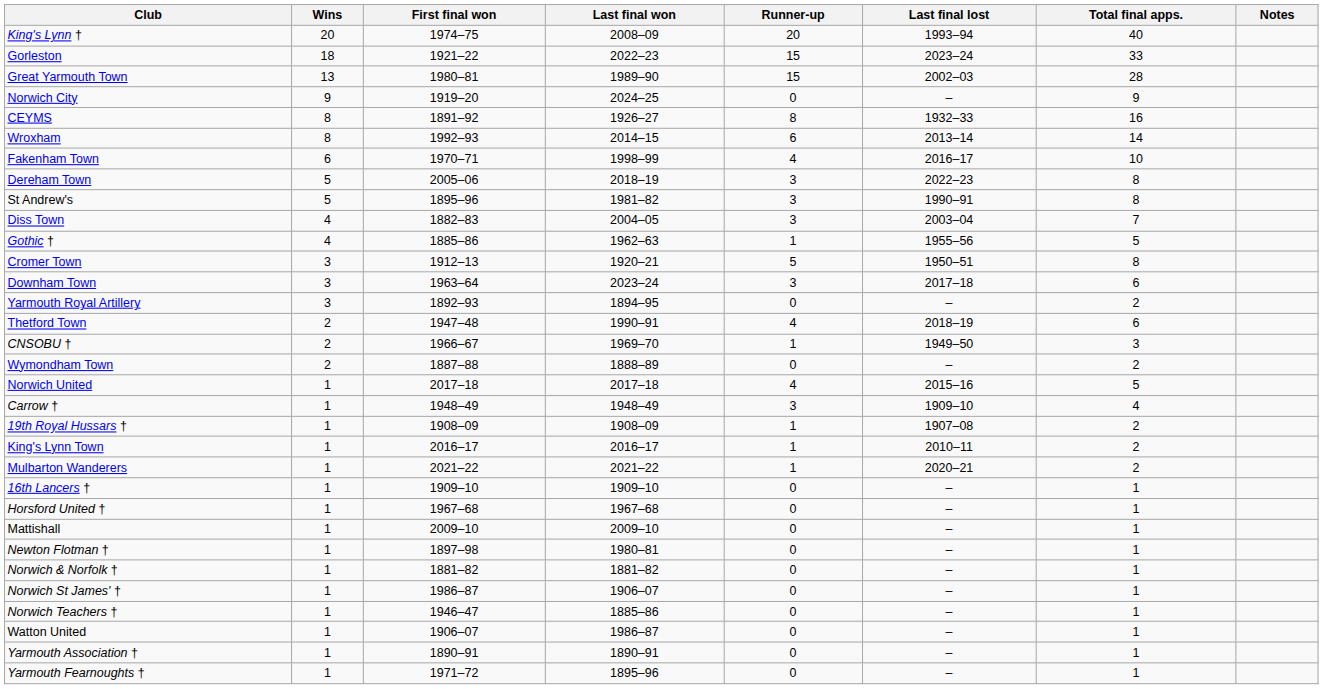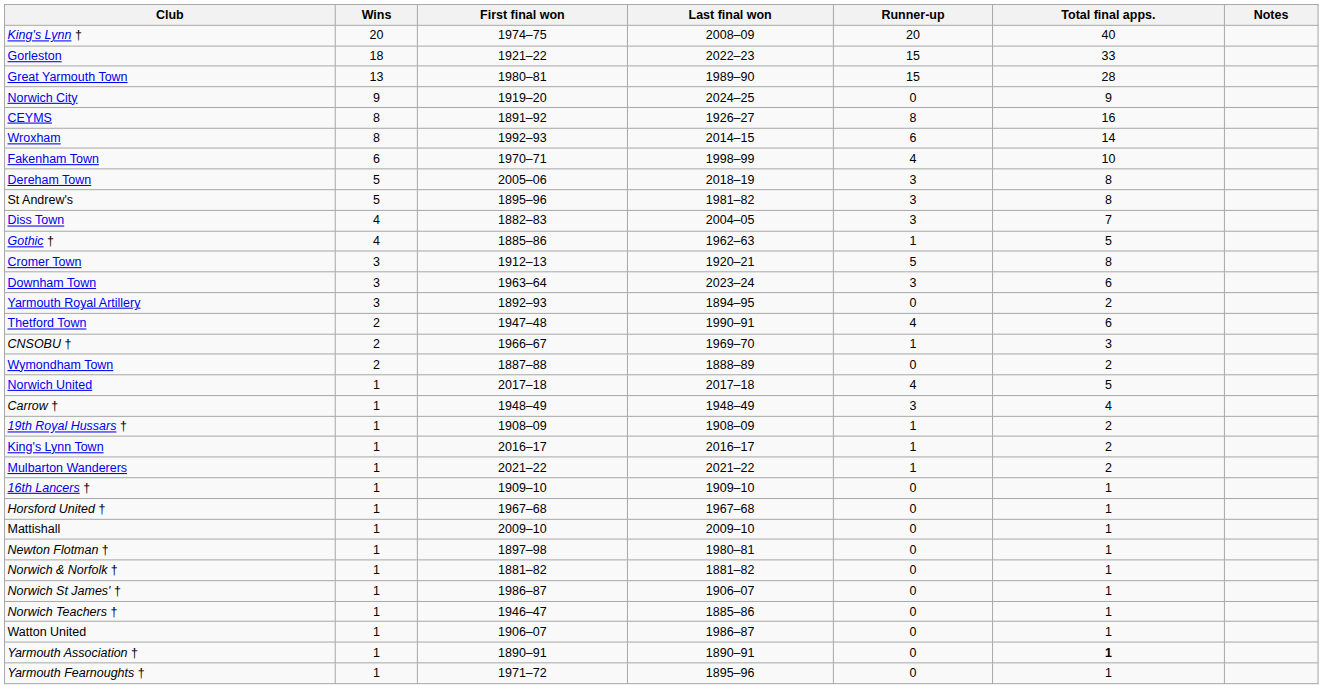 <table class="wikitable sortable" style="text-align: center; width: 100%; font-size: 12px">
 <tr>
 <th>Club</th>
 <th>Wins</th>
 <th>First final won</th>
 <th>Last final won</th>
 <th>Runner-up</th>
-<th>Last final lost</th>
 <th>Total final apps.</th>
 <th>Notes</th>
 </tr>
 <tr>
 <td style="text-align: left"><em><a href='#'>King's Lynn</a></em> †</td>
 <td>20</td>
 <td>1974–75</td>
 <td>2008–09</td>
 <td>20</td>
-<td>1993–94</td>
 <td>40</td>
 <td></td>
 </tr>
 <tr>
 <td style="text-align: left"><a href='#'>Gorleston</a></td>
 <td>18</td>
 <td>1921–22</td>
 <td>2022–23</td>
 <td>15</td>
-<td>2023–24</td>
 <td>33</td>
 <td></td>
 </tr>
 <tr>
 <td style="text-align: left"><a href='#'>Great Yarmouth Town</a></td>
 <td>13</td>
 <td>1980–81</td>
 <td>1989–90</td>
 <td>15</td>
-<td>2002–03</td>
 <td>28</td>
 <td></td>
 </tr>
 <tr>
 <td style="text-align: left"><a href='#'>Norwich City</a></td>
 <td>9</td>
 <td>1919–20</td>
 <td>2024–25</td>
 <td>0</td>
-<td>–</td>
 <td>9</td>
 <td></td>
 </tr>
 <tr>
 <td style="text-align: left"><a href='#'>CEYMS</a></td>
 <td>8</td>
 <td>1891–92</td>
 <td>1926–27</td>
 <td>8</td>
-<td>1932–33</td>
 <td>16</td>
 <td></td>
 </tr>
 <tr>
 <td style="text-align: left"><a href='#'>Wroxham</a></td>
 <td>8</td>
 <td>1992–93</td>
 <td>2014–15</td>
 <td>6</td>
-<td>2013–14</td>
 <td>14</td>
 <td></td>
 </tr>
 <tr>
 <td style="text-align: left"><a href='#'>Fakenham Town</a></td>
 <td>6</td>
 <td>1970–71</td>
 <td>1998–99</td>
 <td>4</td>
-<td>2016–17</td>
 <td>10</td>
 <td></td>
 </tr>
 <tr>
 <td style="text-align: left"><a href='#'>Dereham Town</a></td>
 <td>5</td>
 <td>2005–06</td>
 <td>2018–19</td>
 <td>3</td>
-<td>2022–23</td>
 <td>8</td>
 <td></td>
 </tr>
 <tr>
 <td style="text-align: left">St Andrew's</td>
 <td>5</td>
 <td>1895–96</td>
 <td>1981–82</td>
 <td>3</td>
-<td>1990–91</td>
 <td>8</td>
 <td></td>
 </tr>
 <tr>
 <td style="text-align: left"><a href='#'>Diss Town</a></td>
 <td>4</td>
 <td>1882–83</td>
 <td>2004–05</td>
 <td>3</td>
-<td>2003–04</td>
 <td>7</td>
 <td></td>
 </tr>
 <tr>
 <td style="text-align: left"><em><a href='#'>Gothic</a></em> †</td>
 <td>4</td>
 <td>1885–86</td>
 <td>1962–63</td>
 <td>1</td>
-<td>1955–56</td>
 <td>5</td>
 <td></td>
 </tr>
 <tr>
 <td style="text-align: left"><a href='#'>Cromer Town</a></td>
 <td>3</td>
 <td>1912–13</td>
 <td>1920–21</td>
 <td>5</td>
-<td>1950–51</td>
 <td>8</td>
 <td></td>
 </tr>
 <tr>
 <td style="text-align: left"><a href='#'>Downham Town</a></td>
 <td>3</td>
 <td>1963–64</td>
 <td>2023–24</td>
 <td>3</td>
-<td>2017–18</td>
 <td>6</td>
 <td></td>
 </tr>
 <tr>
 <td style="text-align: left"><a href='#'>Yarmouth Royal Artillery</a></td>
 <td>3</td>
 <td>1892–93</td>
 <td>1894–95</td>
 <td>0</td>
-<td>–</td>
 <td>2</td>
 <td></td>
 </tr>
 <tr>
 <td style="text-align: left"><a href='#'>Thetford Town</a></td>
 <td>2</td>
 <td>1947–48</td>
 <td>1990–91</td>
 <td>4</td>
-<td>2018–19</td>
 <td>6</td>
 <td></td>
 </tr>
 <tr>
 <td style="text-align: left"><em>CNSOBU</em> †</td>
 <td>2</td>
 <td>1966–67</td>
 <td>1969–70</td>
 <td>1</td>
-<td>1949–50</td>
 <td>3</td>
 <td></td>
 </tr>
 <tr>
 <td style="text-align: left"><a href='#'>Wymondham Town</a></td>
 <td>2</td>
 <td>1887–88</td>
 <td>1888–89</td>
 <td>0</td>
-<td>–</td>
 <td>2</td>
 <td></td>
 </tr>
 <tr>
 <td style="text-align: left"><a href='#'>Norwich United</a></td>
 <td>1</td>
 <td>2017–18</td>
 <td>2017–18</td>
 <td>4</td>
-<td>2015–16</td>
 <td>5</td>
 <td></td>
 </tr>
 <tr>
 <td style="text-align: left"><em>Carrow</em> †</td>
 <td>1</td>
 <td>1948–49</td>
 <td>1948–49</td>
 <td>3</td>
-<td>1909–10</td>
 <td>4</td>
 <td></td>
 </tr>
 <tr>
 <td style="text-align: left"><em><a href='#'>19th Royal Hussars</a></em> †</td>
 <td>1</td>
 <td>1908–09</td>
 <td>1908–09</td>
 <td>1</td>
-<td>1907–08</td>
 <td>2</td>
 <td></td>
 </tr>
 <tr>
 <td style="text-align: left"><a href='#'>King's Lynn Town</a></td>
 <td>1</td>
 <td>2016–17</td>
 <td>2016–17</td>
 <td>1</td>
-<td>2010–11</td>
 <td>2</td>
 <td></td>
 </tr>
 <tr>
 <td style="text-align: left"><a href='#'>Mulbarton Wanderers</a></td>
 <td>1</td>
 <td>2021–22</td>
 <td>2021–22</td>
 <td>1</td>
-<td>2020–21</td>
 <td>2</td>
 <td></td>
 </tr>
 <tr>
 <td style="text-align: left"><em><a href='#'>16th Lancers</a></em> †</td>
 <td>1</td>
 <td>1909–10</td>
 <td>1909–10</td>
 <td>0</td>
-<td>–</td>
 <td>1</td>
 <td></td>
 </tr>
 <tr>
 <td style="text-align: left"><em>Horsford United</em> †</td>
 <td>1</td>
 <td>1967–68</td>
 <td>1967–68</td>
 <td>0</td>
-<td>–</td>
 <td>1</td>
 <td></td>
 </tr>
 <tr>
 <td style="text-align: left">Mattishall</td>
 <td>1</td>
 <td>2009–10</td>
 <td>2009–10</td>
 <td>0</td>
-<td>–</td>
 <td>1</td>
 <td></td>
 </tr>
 <tr>
 <td style="text-align: left"><em>Newton Flotman</em> †</td>
 <td>1</td>
 <td>1897–98</td>
 <td>1980–81</td>
 <td>0</td>
-<td>–</td>
 <td>1</td>
 <td></td>
 </tr>
 <tr>
 <td style="text-align: left"><em>Norwich & Norfolk</em> †</td>
 <td>1</td>
 <td>1881–82</td>
 <td>1881–82</td>
 <td>0</td>
-<td>–</td>
 <td>1</td>
 <td></td>
 </tr>
 <tr>
 <td style="text-align: left"><em>Norwich St James' </em>†</td>
 <td>1</td>
 <td>1986–87</td>
 <td>1906–07</td>
 <td>0</td>
-<td>–</td>
 <td>1</td>
 <td></td>
 </tr>
 <tr>
 <td style="text-align: left"><em>Norwich Teachers</em> †</td>
 <td>1</td>
 <td>1946–47</td>
 <td>1885–86</td>
 <td>0</td>
-<td>–</td>
 <td>1</td>
 <td></td>
 </tr>
 <tr>
 <td style="text-align: left">Watton United</td>
 <td>1</td>
 <td>1906–07</td>
 <td>1986–87</td>
 <td>0</td>
-<td>–</td>
 <td>1</td>
 <td></td>
 </tr>
 <tr>
 <td style="text-align: left"><em>Yarmouth Association</em> †</td>
 <td>1</td>
 <td>1890–91</td>
 <td>1890–91</td>
 <td>0</td>
-<td>–</td>
-<td>1</td>
+<td><strong>1</strong></td>
 <td></td>
 </tr>
 <tr>
 <td style="text-align: left"><em>Yarmouth Fearnoughts</em> †</td>
 <td>1</td>
 <td>1971–72</td>
 <td>1895–96</td>
 <td>0</td>
-<td>–</td>
 <td>1</td>
 <td></td>
 </tr>
 </table>
